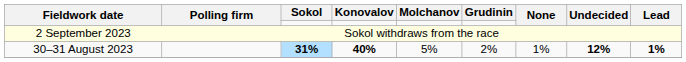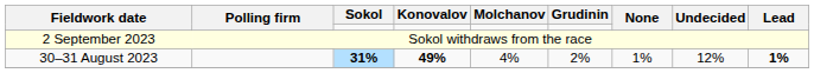 <table class=wikitable style="font-size:95%; line-height:14px; text-align:center">
 <tr>
 <th style=width:200px; rowspan=2>Fieldwork date</th>
 <th style=width:150px; rowspan=2>Polling firm</th>
 <th style="width:60px;">Sokol</th>
 <th style="width:60px;">Konovalov</th>
 <th style="width:60px;">Molchanov</th>
 <th style="width:60px;">Grudinin</th>
 <th style="width:60px;" rowspan=2>None</th>
 <th style="width:60px;" rowspan=2>Undecided</th>
 <th style="width:60px;" rowspan="2">Lead</th>
 </tr>
 <tr>
 <td bgcolor=></td>
 <td bgcolor=></td>
 <td bgcolor=></td>
 <td bgcolor=></td>
 </tr>
 <tr style="background:lightyellow;">
 <td style="border-right-style:hidden; ">2 September 2023</td>
 <td colspan="8">Sokol withdraws from the race</td>
 </tr>
 <tr>
 <td>30–31 August 2023</td>
 <td></td>
 <td style="background:#B3E0FF"><strong>31%</strong></td>
-<td><strong>40%</strong></td>
-<td>5%</td>
+<td><strong>49%</strong></td>
+<td>4%</td>
 <td>2%</td>
 <td>1%</td>
-<td><strong>12%</strong></td>
+<td>12%</td>
 <td style="background:"><strong>1%</strong></td>
 </tr>
 <tr>
 </tr>
 </table>
